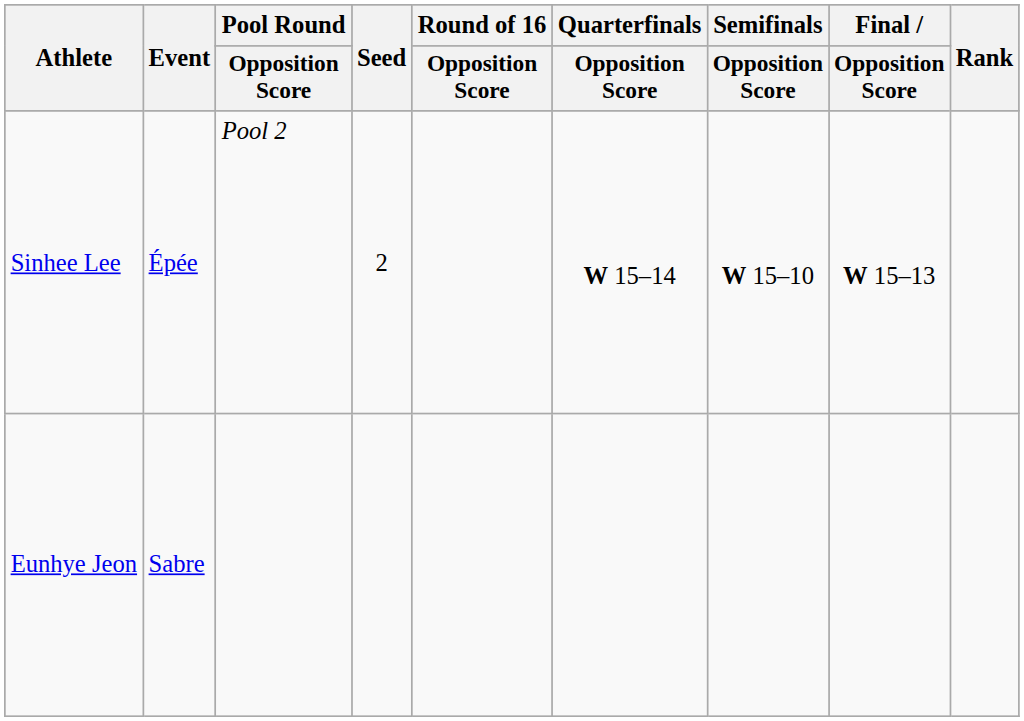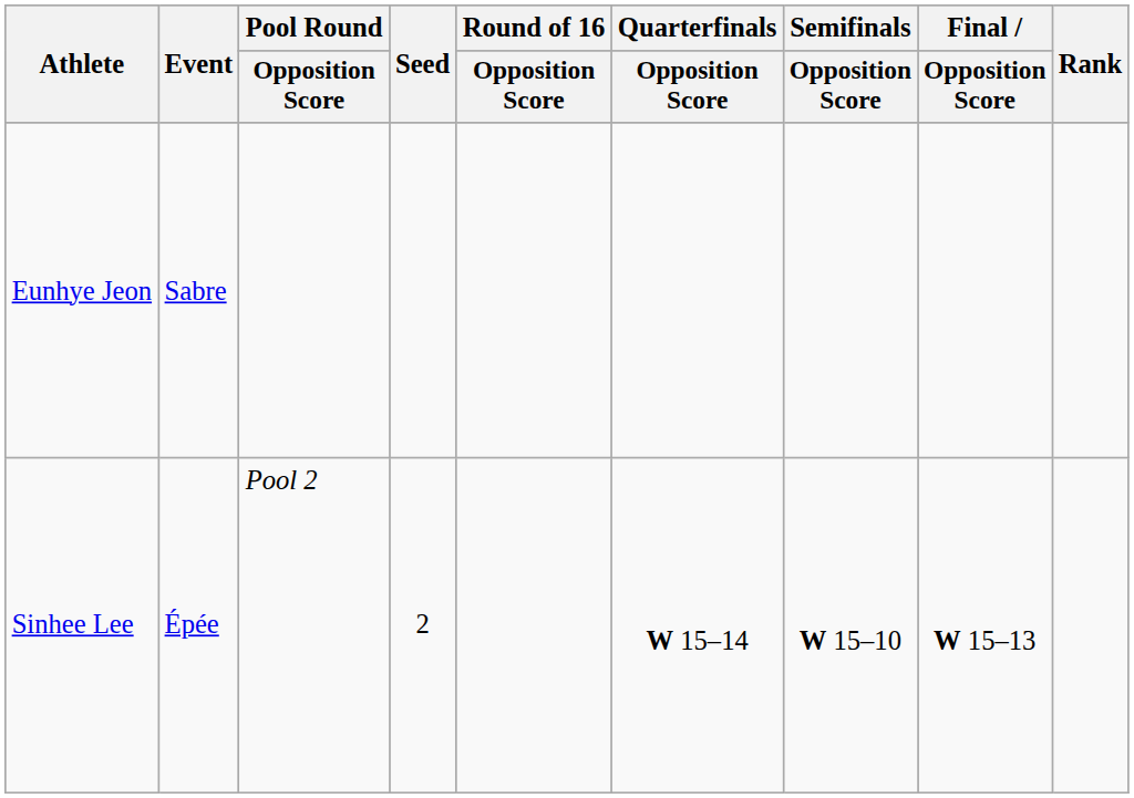 <table class=wikitable style="font-size:90%">
 <tr>
 <th rowspan="2">Athlete</th>
 <th rowspan="2">Event</th>
 <th>Pool Round</th>
 <th rowspan="2">Seed</th>
 <th>Round of 16</th>
 <th>Quarterfinals</th>
 <th>Semifinals</th>
 <th>Final / </th>
 <th rowspan=2>Rank</th>
 </tr>
 <tr style="font-size:95%">
 <th>Opposition<br>Score</th>
 <th>Opposition<br>Score</th>
 <th>Opposition<br>Score</th>
 <th>Opposition<br>Score</th>
 <th>Opposition<br>Score</th>
 </tr>
 <tr align=center>
+<td align=left><a href='#'>Eunhye Jeon</a></td>
+<td align=left><a href='#'>Sabre</a></td>
+<td align=left><br><br> <br><br> <br><br> <br><br> <br><br></td>
+<td></td>
+<td></td>
+<td></td>
+<td></td>
+<td></td>
+<td></td>
+</tr>
+<tr align=center>
 <td align=left><a href='#'>Sinhee Lee</a></td>
 <td align=left><a href='#'>Épée</a></td>
 <td align=left><em>Pool 2</em><br><br> <br><br> <br><br> <br><br><br><br></td>
 <td>2</td>
 <td></td>
 <td><br><strong>W</strong> 15–14</td>
 <td><br><strong>W</strong> 15–10</td>
 <td><br><strong>W</strong> 15–13</td>
 <td></td>
 </tr>
-<tr align=center>
-<td align=left><a href='#'>Eunhye Jeon</a></td>
-<td align=left><a href='#'>Sabre</a></td>
-<td align=left><br><br> <br><br> <br><br> <br><br> <br><br></td>
-<td></td>
-<td></td>
-<td></td>
-<td></td>
-<td></td>
-<td></td>
-</tr>
 </table>
